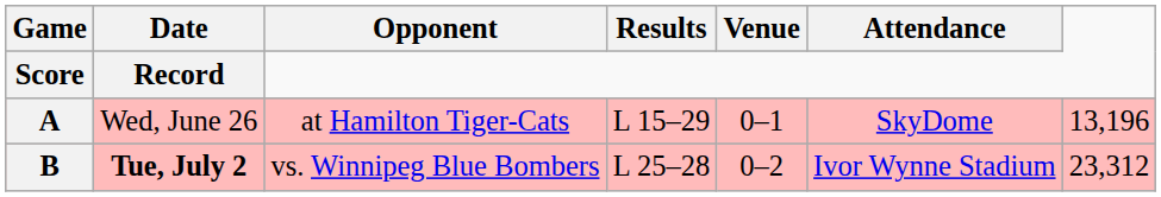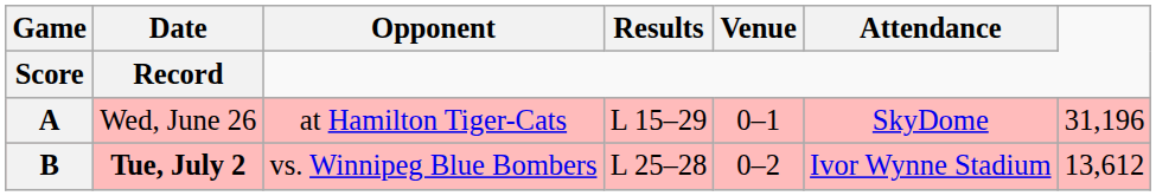 <table class="wikitable" style="text-align:center">
 <tr>
 <th>Game</th>
 <th>Date</th>
 <th>Opponent</th>
 <th>Results</th>
 <th>Venue</th>
 <th>Attendance</th>
 </tr>
 <tr>
 <th>Score</th>
 <th>Record</th>
 </tr>
 <tr style="background:#ffbbbb">
 <th>A</th>
 <td>Wed, June 26</td>
 <td>at <a href='#'>Hamilton Tiger-Cats</a></td>
 <td>L 15–29</td>
 <td>0–1</td>
 <td><a href='#'>SkyDome</a></td>
-<td>13,196</td>
+<td>31,196</td>
 </tr>
 <tr style="background:#ffbbbb">
 <th>B</th>
 <td><strong>Tue, July 2</strong></td>
 <td>vs. <a href='#'>Winnipeg Blue Bombers</a></td>
 <td>L 25–28</td>
 <td>0–2</td>
 <td><a href='#'>Ivor Wynne Stadium</a></td>
-<td>23,312</td>
+<td>13,612</td>
 </tr>
 </table>
